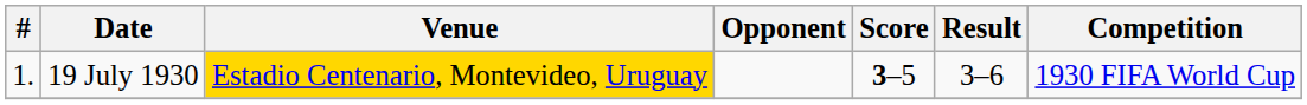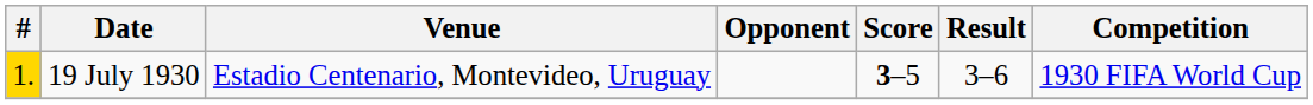 <table class="wikitable sortable" style="font-size:100%">
 <tr>
 <th>#</th>
 <th>Date</th>
 <th>Venue</th>
 <th>Opponent</th>
 <th>Score</th>
 <th>Result</th>
 <th>Competition</th>
 </tr>
 <tr>
-<td align=center>1.</td>
+<td align=center style="background: gold;">1.</td>
 <td>19 July 1930</td>
-<td style="background: gold;"><a href='#'>Estadio Centenario</a>, Montevideo, <a href='#'>Uruguay</a></td>
+<td><a href='#'>Estadio Centenario</a>, Montevideo, <a href='#'>Uruguay</a></td>
 <td></td>
 <td align=center><strong>3</strong>–5</td>
 <td align=center>3–6</td>
 <td><a href='#'>1930 FIFA World Cup</a></td>
 </tr>
 <tr>
 </tr>
 </table>
